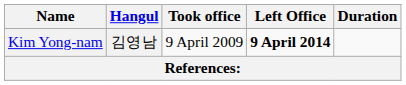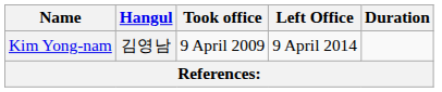 <table class="wikitable sortable">
 <tr>
 <th>Name</th>
 <th class="unsortable"><a href='#'>Hangul</a></th>
 <th>Took office</th>
 <th>Left Office</th>
 <th>Duration</th>
 </tr>
 <tr>
 <th align="center" scope="row" style="font-weight:normal;"><a href='#'>Kim Yong-nam</a></th>
 <th align="center" scope="row" style="font-weight:normal;">김영남</th>
 <td align="center">9 April 2009</td>
-<td align="center"><strong>9 April 2014</strong></td>
+<td align="center">9 April 2014</td>
 <td align="center"></td>
 </tr>
 <tr>
 <th colspan="5" unsortable><strong>References:</strong><br></th>
 </tr>
 </table>
